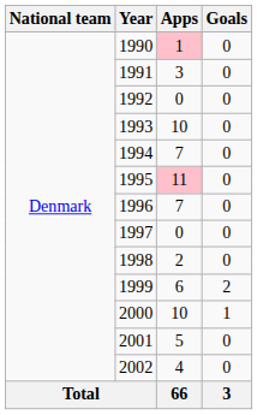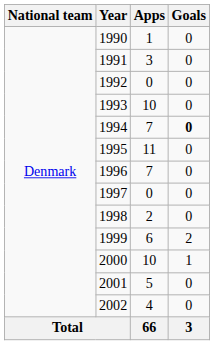 <table class="wikitable" style="text-align:center">
 <tr>
 <th>National team</th>
 <th>Year</th>
 <th>Apps</th>
 <th>Goals</th>
 </tr>
 <tr>
 <td rowspan="13"><a href='#'>Denmark</a></td>
 <td>1990</td>
-<td style="background: pink;">1</td>
+<td>1</td>
 <td>0</td>
 </tr>
 <tr>
 <td>1991</td>
 <td>3</td>
 <td>0</td>
 </tr>
 <tr>
 <td>1992</td>
 <td>0</td>
 <td>0</td>
 </tr>
 <tr>
 <td>1993</td>
 <td>10</td>
 <td>0</td>
 </tr>
 <tr>
 <td>1994</td>
 <td>7</td>
-<td>0</td>
+<td><strong>0</strong></td>
 </tr>
 <tr>
 <td>1995</td>
-<td style="background: pink;">11</td>
+<td>11</td>
 <td>0</td>
 </tr>
 <tr>
 <td>1996</td>
 <td>7</td>
 <td>0</td>
 </tr>
 <tr>
 <td>1997</td>
 <td>0</td>
 <td>0</td>
 </tr>
 <tr>
 <td>1998</td>
 <td>2</td>
 <td>0</td>
 </tr>
 <tr>
 <td>1999</td>
 <td>6</td>
 <td>2</td>
 </tr>
 <tr>
 <td>2000</td>
 <td>10</td>
 <td>1</td>
 </tr>
 <tr>
 <td>2001</td>
 <td>5</td>
 <td>0</td>
 </tr>
 <tr>
 <td>2002</td>
 <td>4</td>
 <td>0</td>
 </tr>
 <tr>
 <th colspan="2">Total</th>
 <th>66</th>
 <th>3</th>
 </tr>
 </table>
